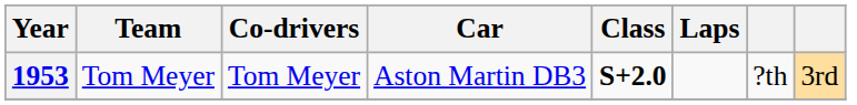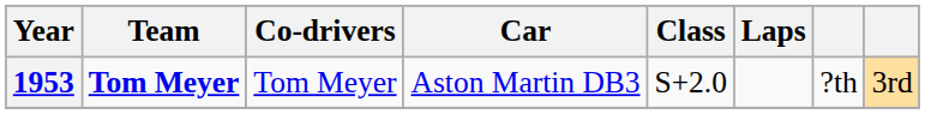 <table class="wikitable" style="font-size:90%">
 <tr>
 <th>Year</th>
 <th>Team</th>
 <th>Co-drivers</th>
 <th>Car</th>
 <th>Class</th>
 <th>Laps</th>
 <th></th>
 <th></th>
 </tr>
 <tr align="center">
 <th><a href='#'>1953</a></th>
-<td align="left"> <a href='#'>Tom Meyer</a></td>
+<td align="left"><strong> <a href='#'>Tom Meyer</a></strong></td>
 <td align="left"> <a href='#'>Tom Meyer</a></td>
 <td align="left"><a href='#'>Aston Martin DB3</a></td>
-<td><strong>S+2.0</strong></td>
+<td>S+2.0</td>
 <td></td>
 <td>?th</td>
 <td style="background:#ffdf9f;">3rd</td>
 </tr>
 <tr align="center">
 </tr>
 </table>
